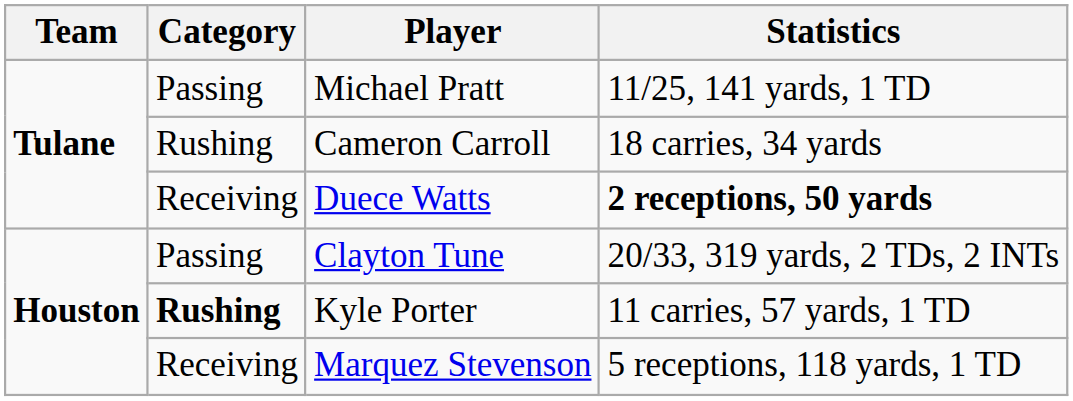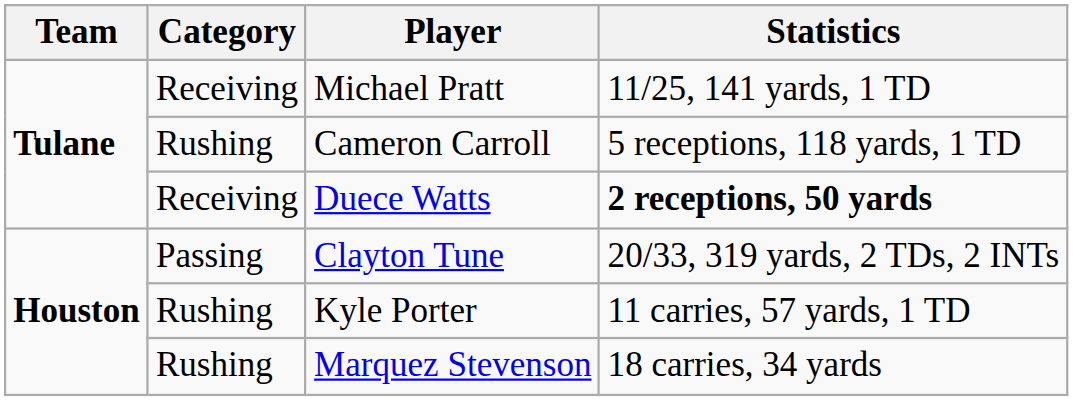 <table class="wikitable" style="float: left;">
 <tr>
 <th>Team</th>
 <th>Category</th>
 <th>Player</th>
 <th>Statistics</th>
 </tr>
 <tr>
 <td rowspan=3><strong>Tulane</strong></td>
-<td>Passing</td>
+<td>Receiving</td>
 <td>Michael Pratt</td>
 <td>11/25, 141 yards, 1 TD</td>
 </tr>
 <tr>
 <td>Rushing</td>
 <td>Cameron Carroll</td>
-<td>18 carries, 34 yards</td>
+<td>5 receptions, 118 yards, 1 TD</td>
 </tr>
 <tr>
 <td>Receiving</td>
 <td><a href='#'>Duece Watts</a></td>
 <td><strong>2 receptions, 50 yards</strong></td>
 </tr>
 <tr>
 <td rowspan=3><strong>Houston</strong></td>
 <td>Passing</td>
 <td><a href='#'>Clayton Tune</a></td>
 <td>20/33, 319 yards, 2 TDs, 2 INTs</td>
 </tr>
 <tr>
-<td><strong>Rushing</strong></td>
+<td>Rushing</td>
 <td>Kyle Porter</td>
 <td>11 carries, 57 yards, 1 TD</td>
 </tr>
 <tr>
-<td>Receiving</td>
+<td>Rushing</td>
 <td><a href='#'>Marquez Stevenson</a></td>
-<td>5 receptions, 118 yards, 1 TD</td>
+<td>18 carries, 34 yards</td>
 </tr>
 </table>
